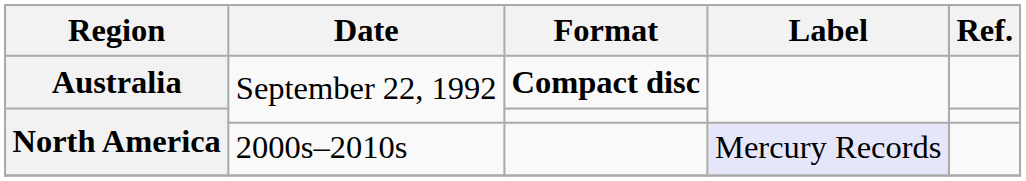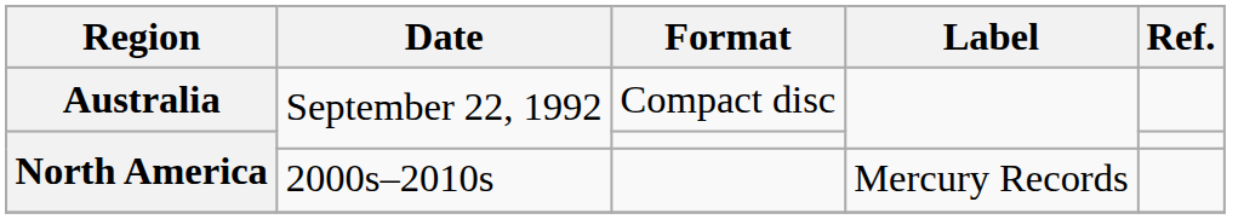 <table class="wikitable plainrowheaders">
 <tr>
 <th scope="col">Region</th>
 <th scope="col">Date</th>
 <th scope="col">Format</th>
 <th scope="col">Label</th>
 <th scope="col">Ref.</th>
 </tr>
 <tr>
 <th scope="row">Australia</th>
 <td rowspan="2">September 22, 1992</td>
-<td><strong>Compact disc</strong></td>
+<td>Compact disc</td>
 <td rowspan="2"></td>
 <td></td>
 </tr>
 <tr>
 <th scope="row" rowspan="2">North America</th>
 <td></td>
 <td></td>
 </tr>
 <tr>
 <td>2000s–2010s</td>
 <td></td>
-<td style="background: lavender;">Mercury Records</td>
+<td>Mercury Records</td>
 <td></td>
 </tr>
 <tr>
 </tr>
 </table>
